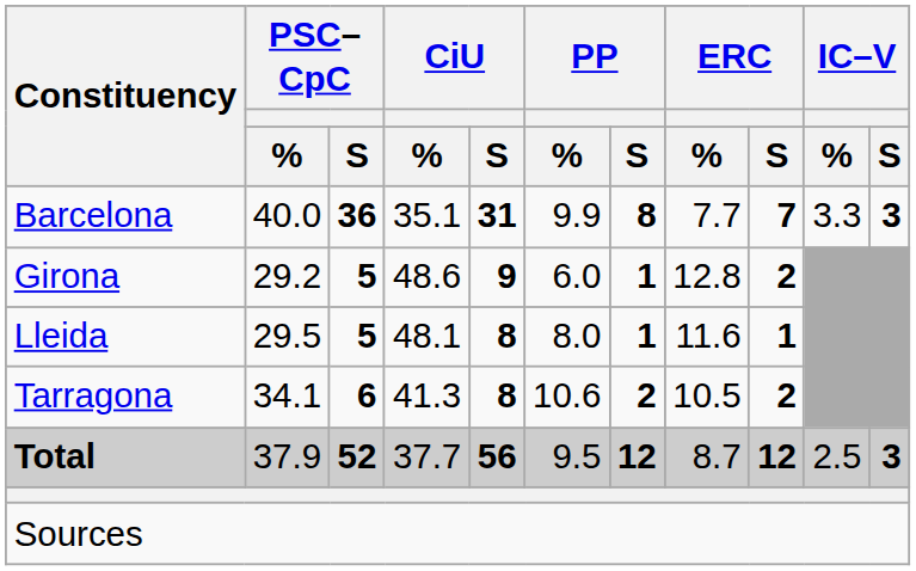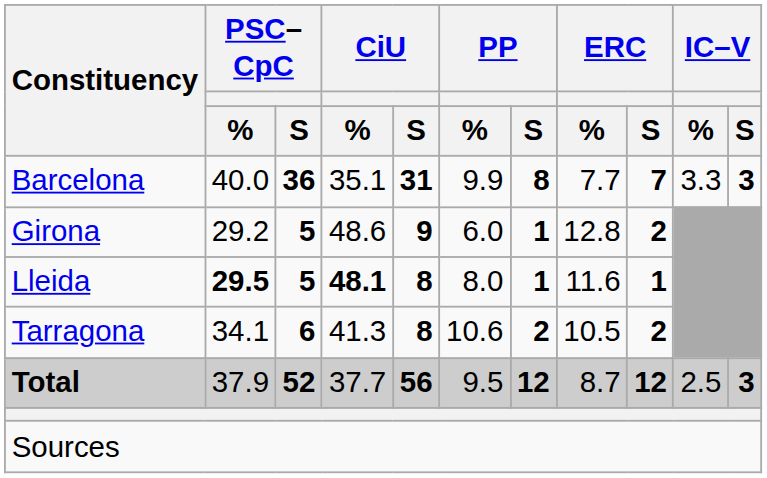 <table class="wikitable sortable" style="text-align:right; line-height:20px;">
 <tr>
 <th rowspan="3">Constituency</th>
 <th colspan="2" width="30px" class="unsortable"><a href='#'>PSC</a>–<a href='#'>CpC</a></th>
 <th colspan="2" width="30px" class="unsortable"><a href='#'>CiU</a></th>
 <th colspan="2" width="30px" class="unsortable"><a href='#'>PP</a></th>
 <th colspan="2" width="30px" class="unsortable"><a href='#'>ERC</a></th>
 <th colspan="2" width="30px" class="unsortable"><a href='#'>IC–V</a></th>
 </tr>
 <tr>
 <th colspan="2" style="background:"></th>
 <th colspan="2" style="background:"></th>
 <th colspan="2" style="background:"></th>
 <th colspan="2" style="background:"></th>
 <th colspan="2" style="background:"></th>
 </tr>
 <tr>
 <th data-sort-type="number">%</th>
 <th data-sort-type="number">S</th>
 <th data-sort-type="number">%</th>
 <th data-sort-type="number">S</th>
 <th data-sort-type="number">%</th>
 <th data-sort-type="number">S</th>
 <th data-sort-type="number">%</th>
 <th data-sort-type="number">S</th>
 <th data-sort-type="number">%</th>
 <th data-sort-type="number">S</th>
 </tr>
 <tr>
 <td align="left"><a href='#'>Barcelona</a></td>
 <td style="background:">40.0</td>
 <td><strong>36</strong></td>
 <td>35.1</td>
 <td><strong>31</strong></td>
 <td>9.9</td>
 <td><strong>8</strong></td>
 <td>7.7</td>
 <td><strong>7</strong></td>
 <td>3.3</td>
 <td><strong>3</strong></td>
 </tr>
 <tr>
 <td align="left"><a href='#'>Girona</a></td>
 <td>29.2</td>
 <td><strong>5</strong></td>
 <td style="background:">48.6</td>
 <td><strong>9</strong></td>
 <td>6.0</td>
 <td><strong>1</strong></td>
 <td>12.8</td>
 <td><strong>2</strong></td>
 <td colspan="2" rowspan="3" bgcolor="#AAAAAA"></td>
 </tr>
 <tr>
 <td align="left"><a href='#'>Lleida</a></td>
-<td>29.5</td>
+<td><strong>29.5</strong></td>
 <td><strong>5</strong></td>
-<td style="background:">48.1</td>
+<td style="background:"><strong>48.1</strong></td>
 <td><strong>8</strong></td>
 <td>8.0</td>
 <td><strong>1</strong></td>
 <td>11.6</td>
 <td><strong>1</strong></td>
 </tr>
 <tr>
 <td align="left"><a href='#'>Tarragona</a></td>
 <td>34.1</td>
 <td><strong>6</strong></td>
 <td style="background:">41.3</td>
 <td><strong>8</strong></td>
 <td>10.6</td>
 <td><strong>2</strong></td>
 <td>10.5</td>
 <td><strong>2</strong></td>
 </tr>
 <tr style="background:#CDCDCD;">
 <td align="left"><strong>Total</strong></td>
 <td style="background:">37.9</td>
 <td><strong>52</strong></td>
 <td>37.7</td>
 <td><strong>56</strong></td>
 <td>9.5</td>
 <td><strong>12</strong></td>
 <td>8.7</td>
 <td><strong>12</strong></td>
 <td>2.5</td>
 <td><strong>3</strong></td>
 </tr>
 <tr>
 <th colspan="11"></th>
 </tr>
 <tr>
 <th style="text-align:left; font-weight:normal; background:#F9F9F9" colspan="11">Sources</th>
 </tr>
 </table>
